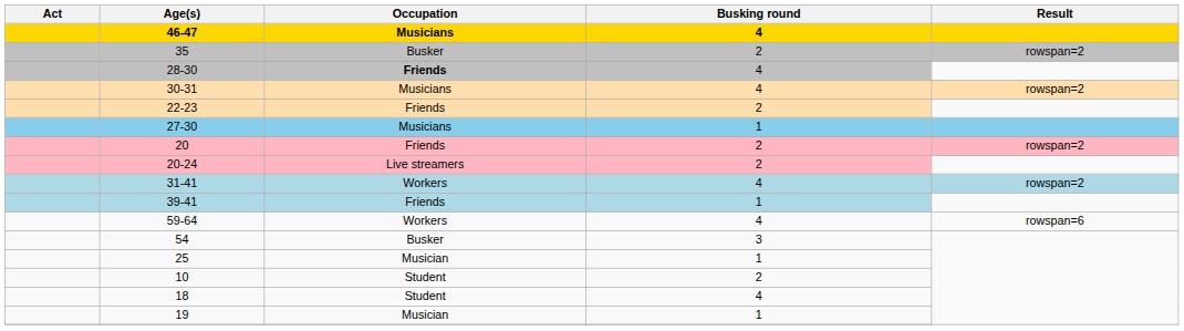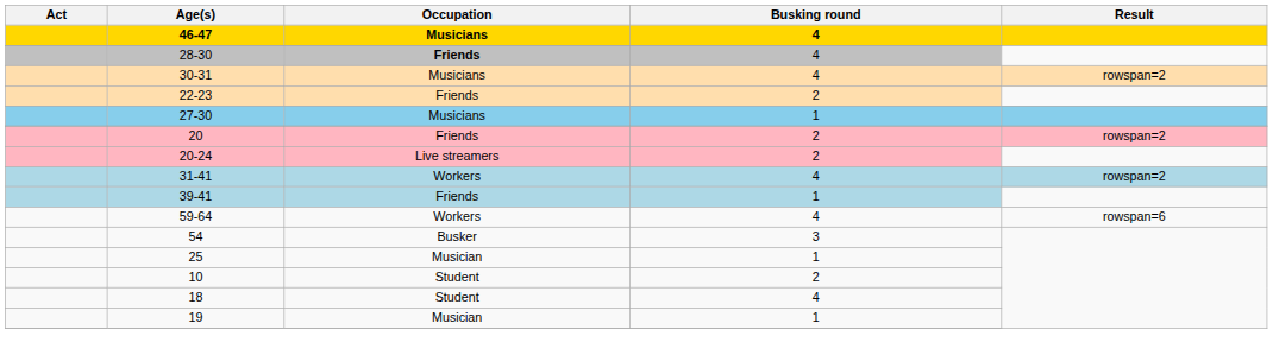 <table class="wikitable sortable" style="width:100%; text-align:center;">
 <tr>
 <th>Act</th>
 <th>Age(s)</th>
 <th>Occupation</th>
 <th>Busking round</th>
 <th>Result</th>
 </tr>
 <tr style="background:gold";>
 <td></td>
 <td><strong>46-47</strong></td>
 <td><strong>Musicians</strong></td>
 <td><strong>4</strong></td>
 <td></td>
-</tr>
-<tr style="background:silver";>
-<td></td>
-<td>35</td>
-<td>Busker</td>
-<td>2</td>
-<td>rowspan=2 </td>
 </tr>
 <tr>
 </tr>
 <tr style="background:silver";>
 <td></td>
 <td>28-30</td>
 <td><strong>Friends</strong></td>
 <td>4</td>
 </tr>
 <tr style="background:navajowhite";>
 <td></td>
 <td>30-31</td>
 <td>Musicians</td>
 <td>4</td>
 <td>rowspan=2 </td>
 </tr>
 <tr style="background:navajowhite";>
 <td></td>
 <td>22-23</td>
 <td>Friends</td>
 <td>2</td>
 </tr>
 <tr style="background:skyblue";>
 <td></td>
 <td>27-30</td>
 <td>Musicians</td>
 <td>1</td>
 <td></td>
 </tr>
 <tr>
 </tr>
 <tr style="background:lightpink";>
 <td></td>
 <td>20</td>
 <td>Friends</td>
 <td>2</td>
 <td>rowspan=2 </td>
 </tr>
 <tr style="background:lightpink";>
 <td></td>
 <td>20-24</td>
 <td>Live streamers</td>
 <td>2</td>
 </tr>
 <tr style="background:lightblue";>
 <td></td>
 <td>31-41</td>
 <td>Workers</td>
 <td>4</td>
 <td>rowspan=2 </td>
 </tr>
 <tr style="background:lightblue";>
 <td></td>
 <td>39-41</td>
 <td>Friends</td>
 <td>1</td>
 </tr>
 <tr>
 <td></td>
 <td>59-64</td>
 <td>Workers</td>
 <td>4</td>
 <td>rowspan=6 </td>
 </tr>
 <tr>
 <td></td>
 <td>54</td>
 <td>Busker</td>
 <td>3</td>
 </tr>
 <tr>
 <td></td>
 <td>25</td>
 <td>Musician</td>
 <td>1</td>
 </tr>
 <tr>
 <td></td>
 <td>10</td>
 <td>Student</td>
 <td>2</td>
 </tr>
 <tr>
 <td></td>
 <td>18</td>
 <td>Student</td>
 <td>4</td>
 </tr>
 <tr>
 <td></td>
 <td>19</td>
 <td>Musician</td>
 <td>1</td>
 </tr>
 <tr>
 </tr>
 </table>
